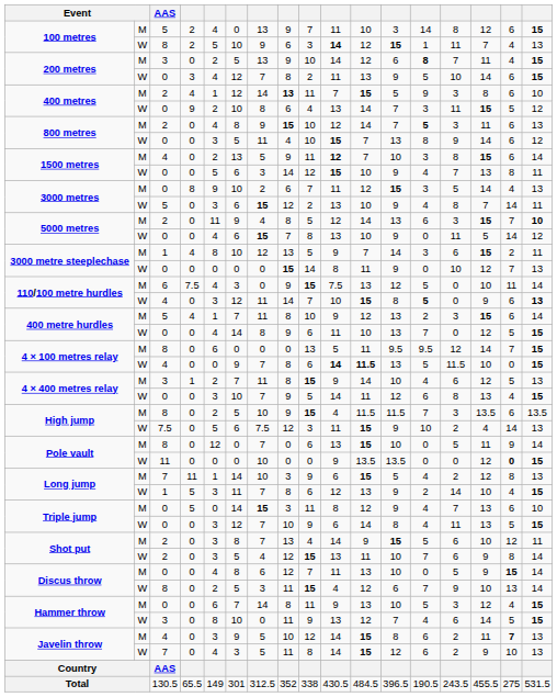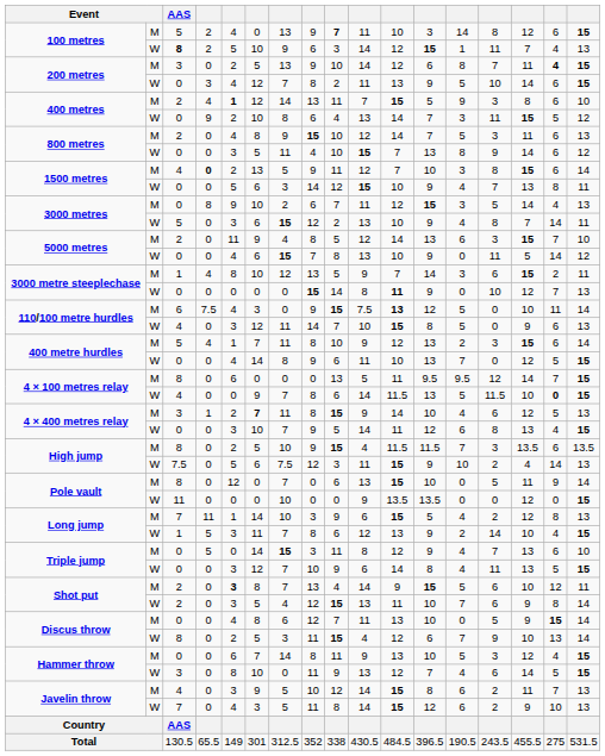 <table class="wikitable" style="background-color: #f9f9f9; font-size: 90%; text-align: center">
 <tr>
 <th width=200 colspan=2>Event</th>
 <th> <a href='#'>AAS</a></th>
 <th></th>
 <th></th>
 <th></th>
 <th></th>
 <th></th>
 <th></th>
 <th></th>
 <th></th>
 <th></th>
 <th></th>
 <th></th>
 <th></th>
 <th></th>
 <th></th>
 </tr>
 <tr>
 <td rowspan=2><strong><a href='#'>100 metres</a></strong></td>
 <td>M</td>
 <td>5</td>
 <td>2</td>
 <td>4</td>
 <td>0</td>
 <td>13</td>
 <td>9</td>
-<td>7</td>
+<td><strong>7</strong></td>
 <td>11</td>
 <td>10</td>
 <td>3</td>
 <td>14</td>
 <td>8</td>
 <td>12</td>
 <td>6</td>
 <td><strong>15</strong></td>
 </tr>
 <tr>
 <td>W</td>
-<td>8</td>
+<td><strong>8</strong></td>
 <td>2</td>
 <td>5</td>
 <td>10</td>
 <td>9</td>
 <td>6</td>
 <td>3</td>
-<td><strong>14</strong></td>
+<td>14</td>
 <td>12</td>
 <td><strong>15</strong></td>
 <td>1</td>
 <td>11</td>
 <td>7</td>
 <td>4</td>
 <td>13</td>
 </tr>
 <tr>
 <td rowspan=2><strong><a href='#'>200 metres</a></strong></td>
 <td>M</td>
 <td>3</td>
 <td>0</td>
 <td>2</td>
 <td>5</td>
 <td>13</td>
 <td>9</td>
 <td>10</td>
 <td>14</td>
 <td>12</td>
 <td>6</td>
-<td><strong>8</strong></td>
+<td>8</td>
 <td>7</td>
 <td>11</td>
-<td>4</td>
+<td><strong>4</strong></td>
 <td><strong>15</strong></td>
 </tr>
 <tr>
 <td>W</td>
 <td>0</td>
 <td>3</td>
 <td>4</td>
 <td>12</td>
 <td>7</td>
 <td>8</td>
 <td>2</td>
 <td>11</td>
 <td>13</td>
 <td>9</td>
 <td>5</td>
 <td>10</td>
 <td>14</td>
 <td>6</td>
 <td><strong>15</strong></td>
 </tr>
 <tr>
 <td rowspan=2><strong><a href='#'>400 metres</a></strong></td>
 <td>M</td>
 <td>2</td>
 <td>4</td>
-<td>1</td>
+<td><strong>1</strong></td>
 <td>12</td>
 <td>14</td>
-<td><strong>13</strong></td>
+<td>13</td>
 <td>11</td>
 <td>7</td>
 <td><strong>15</strong></td>
 <td>5</td>
 <td>9</td>
 <td>3</td>
 <td>8</td>
 <td>6</td>
 <td>10</td>
 </tr>
 <tr>
 <td>W</td>
 <td>0</td>
 <td>9</td>
 <td>2</td>
 <td>10</td>
 <td>8</td>
 <td>6</td>
 <td>4</td>
 <td>13</td>
 <td>14</td>
 <td>7</td>
 <td>3</td>
 <td>11</td>
 <td><strong>15</strong></td>
 <td>5</td>
 <td>12</td>
 </tr>
 <tr>
 <td rowspan=2><strong><a href='#'>800 metres</a></strong></td>
 <td>M</td>
 <td>2</td>
 <td>0</td>
 <td>4</td>
 <td>8</td>
 <td>9</td>
 <td><strong>15</strong></td>
 <td>10</td>
 <td>12</td>
 <td>14</td>
 <td>7</td>
-<td><strong>5</strong></td>
+<td>5</td>
 <td>3</td>
 <td>11</td>
 <td>6</td>
 <td>13</td>
 </tr>
 <tr>
 <td>W</td>
 <td>0</td>
 <td>0</td>
 <td>3</td>
 <td>5</td>
 <td>11</td>
 <td>4</td>
 <td>10</td>
 <td><strong>15</strong></td>
 <td>7</td>
 <td>13</td>
 <td>8</td>
 <td>9</td>
 <td>14</td>
 <td>6</td>
 <td>12</td>
 </tr>
 <tr>
 <td rowspan=2><strong><a href='#'>1500 metres</a></strong></td>
 <td>M</td>
 <td>4</td>
-<td>0</td>
+<td><strong>0</strong></td>
 <td>2</td>
 <td>13</td>
 <td>5</td>
 <td>9</td>
 <td>11</td>
-<td><strong>12</strong></td>
+<td>12</td>
 <td>7</td>
 <td>10</td>
 <td>3</td>
 <td>8</td>
 <td><strong>15</strong></td>
 <td>6</td>
 <td>14</td>
 </tr>
 <tr>
 <td>W</td>
 <td>0</td>
 <td>0</td>
 <td>5</td>
 <td>6</td>
 <td>3</td>
 <td>14</td>
 <td>12</td>
 <td><strong>15</strong></td>
 <td>10</td>
 <td>9</td>
 <td>4</td>
 <td>7</td>
 <td>13</td>
 <td>8</td>
 <td>11</td>
 </tr>
 <tr>
 <td rowspan=2><strong><a href='#'>3000 metres</a></strong></td>
 <td>M</td>
 <td>0</td>
 <td>8</td>
 <td>9</td>
 <td>10</td>
 <td>2</td>
 <td>6</td>
 <td>7</td>
 <td>11</td>
 <td>12</td>
 <td><strong>15</strong></td>
 <td>3</td>
 <td>5</td>
 <td>14</td>
 <td>4</td>
 <td>13</td>
 </tr>
 <tr>
 <td>W</td>
 <td>5</td>
 <td>0</td>
 <td>3</td>
 <td>6</td>
 <td><strong>15</strong></td>
 <td>12</td>
 <td>2</td>
 <td>13</td>
 <td>10</td>
 <td>9</td>
 <td>4</td>
 <td>8</td>
 <td>7</td>
 <td>14</td>
 <td>11</td>
 </tr>
 <tr>
 <td rowspan=2><strong><a href='#'>5000 metres</a></strong></td>
 <td>M</td>
 <td>2</td>
 <td>0</td>
 <td>11</td>
 <td>9</td>
 <td>4</td>
 <td>8</td>
 <td>5</td>
 <td>12</td>
 <td>14</td>
 <td>13</td>
 <td>6</td>
 <td>3</td>
 <td><strong>15</strong></td>
 <td>7</td>
-<td><strong>10</strong></td>
+<td>10</td>
 </tr>
 <tr>
 <td>W</td>
 <td>0</td>
 <td>0</td>
 <td>4</td>
 <td>6</td>
 <td><strong>15</strong></td>
 <td>7</td>
 <td>8</td>
 <td>13</td>
 <td>10</td>
 <td>9</td>
 <td>0</td>
 <td>11</td>
 <td>5</td>
 <td>14</td>
 <td>12</td>
 </tr>
 <tr>
 <td rowspan=2><strong><a href='#'>3000 metre steeplechase</a></strong></td>
 <td>M</td>
 <td>1</td>
 <td>4</td>
 <td>8</td>
 <td>10</td>
 <td>12</td>
 <td>13</td>
 <td>5</td>
 <td>9</td>
 <td>7</td>
 <td>14</td>
 <td>3</td>
 <td>6</td>
 <td><strong>15</strong></td>
 <td>2</td>
 <td>11</td>
 </tr>
 <tr>
 <td>W</td>
 <td>0</td>
 <td>0</td>
 <td>0</td>
 <td>0</td>
 <td>0</td>
 <td><strong>15</strong></td>
 <td>14</td>
 <td>8</td>
-<td>11</td>
+<td><strong>11</strong></td>
 <td>9</td>
 <td>0</td>
 <td>10</td>
 <td>12</td>
 <td>7</td>
 <td>13</td>
 </tr>
 <tr>
 <td rowspan=2><strong><a href='#'>110</a>/<a href='#'>100 metre hurdles</a></strong></td>
 <td>M</td>
 <td>6</td>
 <td>7.5</td>
 <td>4</td>
 <td>3</td>
 <td>0</td>
 <td>9</td>
 <td><strong>15</strong></td>
 <td>7.5</td>
-<td>13</td>
+<td><strong>13</strong></td>
 <td>12</td>
 <td>5</td>
 <td>0</td>
 <td>10</td>
 <td>11</td>
 <td>14</td>
 </tr>
 <tr>
 <td>W</td>
 <td>4</td>
 <td>0</td>
 <td>3</td>
 <td>12</td>
 <td>11</td>
 <td>14</td>
 <td>7</td>
 <td>10</td>
 <td><strong>15</strong></td>
 <td>8</td>
-<td><strong>5</strong></td>
+<td>5</td>
 <td>0</td>
 <td>9</td>
 <td>6</td>
-<td><strong>13</strong></td>
+<td>13</td>
 </tr>
 <tr>
 <td rowspan=2><strong><a href='#'>400 metre hurdles</a></strong></td>
 <td>M</td>
 <td>5</td>
 <td>4</td>
 <td>1</td>
 <td>7</td>
 <td>11</td>
 <td>8</td>
 <td>10</td>
 <td>9</td>
 <td>12</td>
 <td>13</td>
 <td>2</td>
 <td>3</td>
 <td><strong>15</strong></td>
 <td>6</td>
 <td>14</td>
 </tr>
 <tr>
 <td>W</td>
 <td>0</td>
 <td>0</td>
 <td>4</td>
 <td>14</td>
 <td>8</td>
 <td>9</td>
 <td>6</td>
 <td>11</td>
 <td>10</td>
 <td>13</td>
 <td>7</td>
 <td>0</td>
 <td>12</td>
 <td>5</td>
 <td><strong>15</strong></td>
 </tr>
 <tr>
 <td rowspan=2><strong><a href='#'>4 × 100 metres relay</a></strong></td>
 <td>M</td>
 <td>8</td>
 <td>0</td>
 <td>6</td>
 <td>0</td>
 <td>0</td>
 <td>0</td>
 <td>13</td>
 <td>5</td>
 <td>11</td>
 <td>9.5</td>
 <td>9.5</td>
 <td>12</td>
 <td>14</td>
 <td>7</td>
 <td><strong>15</strong></td>
 </tr>
 <tr>
 <td>W</td>
 <td>4</td>
 <td>0</td>
 <td>0</td>
 <td>9</td>
 <td>7</td>
 <td>8</td>
 <td>6</td>
-<td><strong>14</strong></td>
-<td><strong>11.5</strong></td>
+<td>14</td>
+<td>11.5</td>
 <td>13</td>
 <td>5</td>
 <td>11.5</td>
 <td>10</td>
-<td>0</td>
+<td><strong>0</strong></td>
 <td><strong>15</strong></td>
 </tr>
 <tr>
 <td rowspan=2><strong><a href='#'>4 × 400 metres relay</a></strong></td>
 <td>M</td>
 <td>3</td>
 <td>1</td>
 <td>2</td>
-<td>7</td>
+<td><strong>7</strong></td>
 <td>11</td>
 <td>8</td>
 <td><strong>15</strong></td>
 <td>9</td>
 <td>14</td>
 <td>10</td>
 <td>4</td>
 <td>6</td>
 <td>12</td>
 <td>5</td>
 <td>13</td>
 </tr>
 <tr>
 <td>W</td>
 <td>0</td>
 <td>0</td>
 <td>3</td>
 <td>10</td>
 <td>7</td>
 <td>9</td>
 <td>5</td>
 <td>14</td>
 <td>11</td>
 <td>12</td>
 <td>6</td>
 <td>8</td>
 <td>13</td>
 <td>4</td>
 <td><strong>15</strong></td>
 </tr>
 <tr>
 <td rowspan=2><strong><a href='#'>High jump</a></strong></td>
 <td>M</td>
 <td>8</td>
 <td>0</td>
 <td>2</td>
 <td>5</td>
 <td>10</td>
 <td>9</td>
 <td><strong>15</strong></td>
 <td>4</td>
 <td>11.5</td>
 <td>11.5</td>
 <td>7</td>
 <td>3</td>
 <td>13.5</td>
 <td>6</td>
 <td>13.5</td>
 </tr>
 <tr>
 <td>W</td>
 <td>7.5</td>
 <td>0</td>
 <td>5</td>
 <td>6</td>
 <td>7.5</td>
 <td>12</td>
 <td>3</td>
 <td>11</td>
 <td><strong>15</strong></td>
 <td>9</td>
 <td>10</td>
 <td>2</td>
 <td>4</td>
 <td>14</td>
 <td>13</td>
 </tr>
 <tr>
 <td rowspan=2><strong><a href='#'>Pole vault</a></strong></td>
 <td>M</td>
 <td>8</td>
 <td>0</td>
 <td>12</td>
 <td>0</td>
 <td>7</td>
 <td>0</td>
 <td>6</td>
 <td>13</td>
 <td><strong>15</strong></td>
 <td>10</td>
 <td>0</td>
 <td>5</td>
 <td>11</td>
 <td>9</td>
 <td>14</td>
 </tr>
 <tr>
 <td>W</td>
 <td>11</td>
 <td>0</td>
 <td>0</td>
 <td>0</td>
 <td>10</td>
 <td>0</td>
 <td>0</td>
 <td>9</td>
 <td>13.5</td>
 <td>13.5</td>
 <td>0</td>
 <td>0</td>
 <td>12</td>
-<td><strong>0</strong></td>
+<td>0</td>
 <td><strong>15</strong></td>
 </tr>
 <tr>
 <td rowspan=2><strong><a href='#'>Long jump</a></strong></td>
 <td>M</td>
 <td>7</td>
 <td>11</td>
 <td>1</td>
 <td>14</td>
 <td>10</td>
 <td>3</td>
 <td>9</td>
 <td>6</td>
 <td><strong>15</strong></td>
 <td>5</td>
 <td>4</td>
 <td>2</td>
 <td>12</td>
 <td>8</td>
 <td>13</td>
 </tr>
 <tr>
 <td>W</td>
 <td>1</td>
 <td>5</td>
 <td>3</td>
 <td>11</td>
 <td>7</td>
 <td>8</td>
 <td>6</td>
 <td>12</td>
 <td>13</td>
 <td>9</td>
 <td>2</td>
 <td>14</td>
 <td>10</td>
 <td>4</td>
 <td><strong>15</strong></td>
 </tr>
 <tr>
 <td rowspan=2><strong><a href='#'>Triple jump</a></strong></td>
 <td>M</td>
 <td>0</td>
 <td>5</td>
 <td>0</td>
 <td>14</td>
 <td><strong>15</strong></td>
 <td>3</td>
 <td>11</td>
 <td>8</td>
 <td>12</td>
 <td>9</td>
 <td>4</td>
 <td>7</td>
 <td>13</td>
 <td>6</td>
 <td>10</td>
 </tr>
 <tr>
 <td>W</td>
 <td>0</td>
 <td>0</td>
 <td>3</td>
 <td>12</td>
 <td>7</td>
 <td>10</td>
 <td>9</td>
 <td>6</td>
 <td>14</td>
 <td>8</td>
 <td>4</td>
 <td>11</td>
 <td>13</td>
 <td>5</td>
 <td><strong>15</strong></td>
 </tr>
 <tr>
 <td rowspan=2><strong><a href='#'>Shot put</a></strong></td>
 <td>M</td>
 <td>2</td>
 <td>0</td>
-<td>3</td>
+<td><strong>3</strong></td>
 <td>8</td>
 <td>7</td>
 <td>13</td>
 <td>4</td>
 <td>14</td>
 <td>9</td>
 <td><strong>15</strong></td>
 <td>5</td>
 <td>6</td>
 <td>10</td>
 <td>12</td>
 <td>11</td>
 </tr>
 <tr>
 <td>W</td>
 <td>2</td>
 <td>0</td>
 <td>3</td>
 <td>5</td>
 <td>4</td>
 <td>12</td>
 <td><strong>15</strong></td>
 <td>13</td>
 <td>11</td>
 <td>10</td>
 <td>7</td>
 <td>6</td>
 <td>9</td>
 <td>8</td>
 <td>14</td>
 </tr>
 <tr>
 <td rowspan=2><strong><a href='#'>Discus throw</a></strong></td>
 <td>M</td>
 <td>0</td>
 <td>0</td>
 <td>4</td>
 <td>8</td>
 <td>6</td>
 <td>12</td>
 <td>7</td>
 <td>11</td>
 <td>13</td>
 <td>10</td>
 <td>0</td>
 <td>5</td>
 <td>9</td>
 <td><strong>15</strong></td>
 <td>14</td>
 </tr>
 <tr>
 <td>W</td>
 <td>8</td>
 <td>0</td>
 <td>2</td>
 <td>5</td>
 <td>3</td>
 <td>11</td>
 <td><strong>15</strong></td>
 <td>4</td>
 <td>12</td>
 <td>6</td>
 <td>7</td>
 <td>9</td>
 <td>10</td>
 <td>13</td>
 <td>14</td>
 </tr>
 <tr>
 <td rowspan=2><strong><a href='#'>Hammer throw</a></strong></td>
 <td>M</td>
 <td>0</td>
 <td>0</td>
 <td>6</td>
 <td>7</td>
 <td>14</td>
 <td>8</td>
 <td>11</td>
 <td>9</td>
 <td>13</td>
 <td>10</td>
 <td>5</td>
 <td>3</td>
 <td>12</td>
 <td>4</td>
 <td><strong>15</strong></td>
 </tr>
 <tr>
 <td>W</td>
 <td>3</td>
 <td>0</td>
 <td>8</td>
 <td>10</td>
 <td>0</td>
 <td>11</td>
 <td>9</td>
 <td>13</td>
 <td>12</td>
 <td>7</td>
 <td>4</td>
 <td>6</td>
 <td>14</td>
 <td>5</td>
 <td><strong>15</strong></td>
 </tr>
 <tr>
 <td rowspan=2><strong><a href='#'>Javelin throw</a></strong></td>
 <td>M</td>
 <td>4</td>
 <td>0</td>
 <td>3</td>
 <td>9</td>
 <td>5</td>
 <td>10</td>
 <td>12</td>
 <td>14</td>
 <td><strong>15</strong></td>
 <td>8</td>
 <td>6</td>
 <td>2</td>
 <td>11</td>
-<td><strong>7</strong></td>
+<td>7</td>
 <td>13</td>
 </tr>
 <tr>
 <td>W</td>
 <td>7</td>
 <td>0</td>
 <td>4</td>
 <td>3</td>
 <td>5</td>
 <td>11</td>
 <td>8</td>
 <td>14</td>
 <td><strong>15</strong></td>
 <td>12</td>
 <td>6</td>
 <td>2</td>
 <td>9</td>
 <td>10</td>
 <td>13</td>
 </tr>
 <tr>
 <th colspan=2>Country</th>
 <th> <a href='#'>AAS</a></th>
 <th></th>
 <th></th>
 <th></th>
 <th></th>
 <th></th>
 <th></th>
 <th></th>
 <th></th>
 <th></th>
 <th></th>
 <th></th>
 <th></th>
 <th></th>
 <th></th>
 </tr>
 <tr>
 <th colspan=2>Total</th>
 <td>130.5</td>
 <td>65.5</td>
 <td>149</td>
 <td>301</td>
 <td>312.5</td>
 <td>352</td>
 <td>338</td>
 <td>430.5</td>
 <td>484.5</td>
 <td>396.5</td>
 <td>190.5</td>
 <td>243.5</td>
 <td>455.5</td>
 <td>275</td>
 <td>531.5</td>
 </tr>
 </table>
